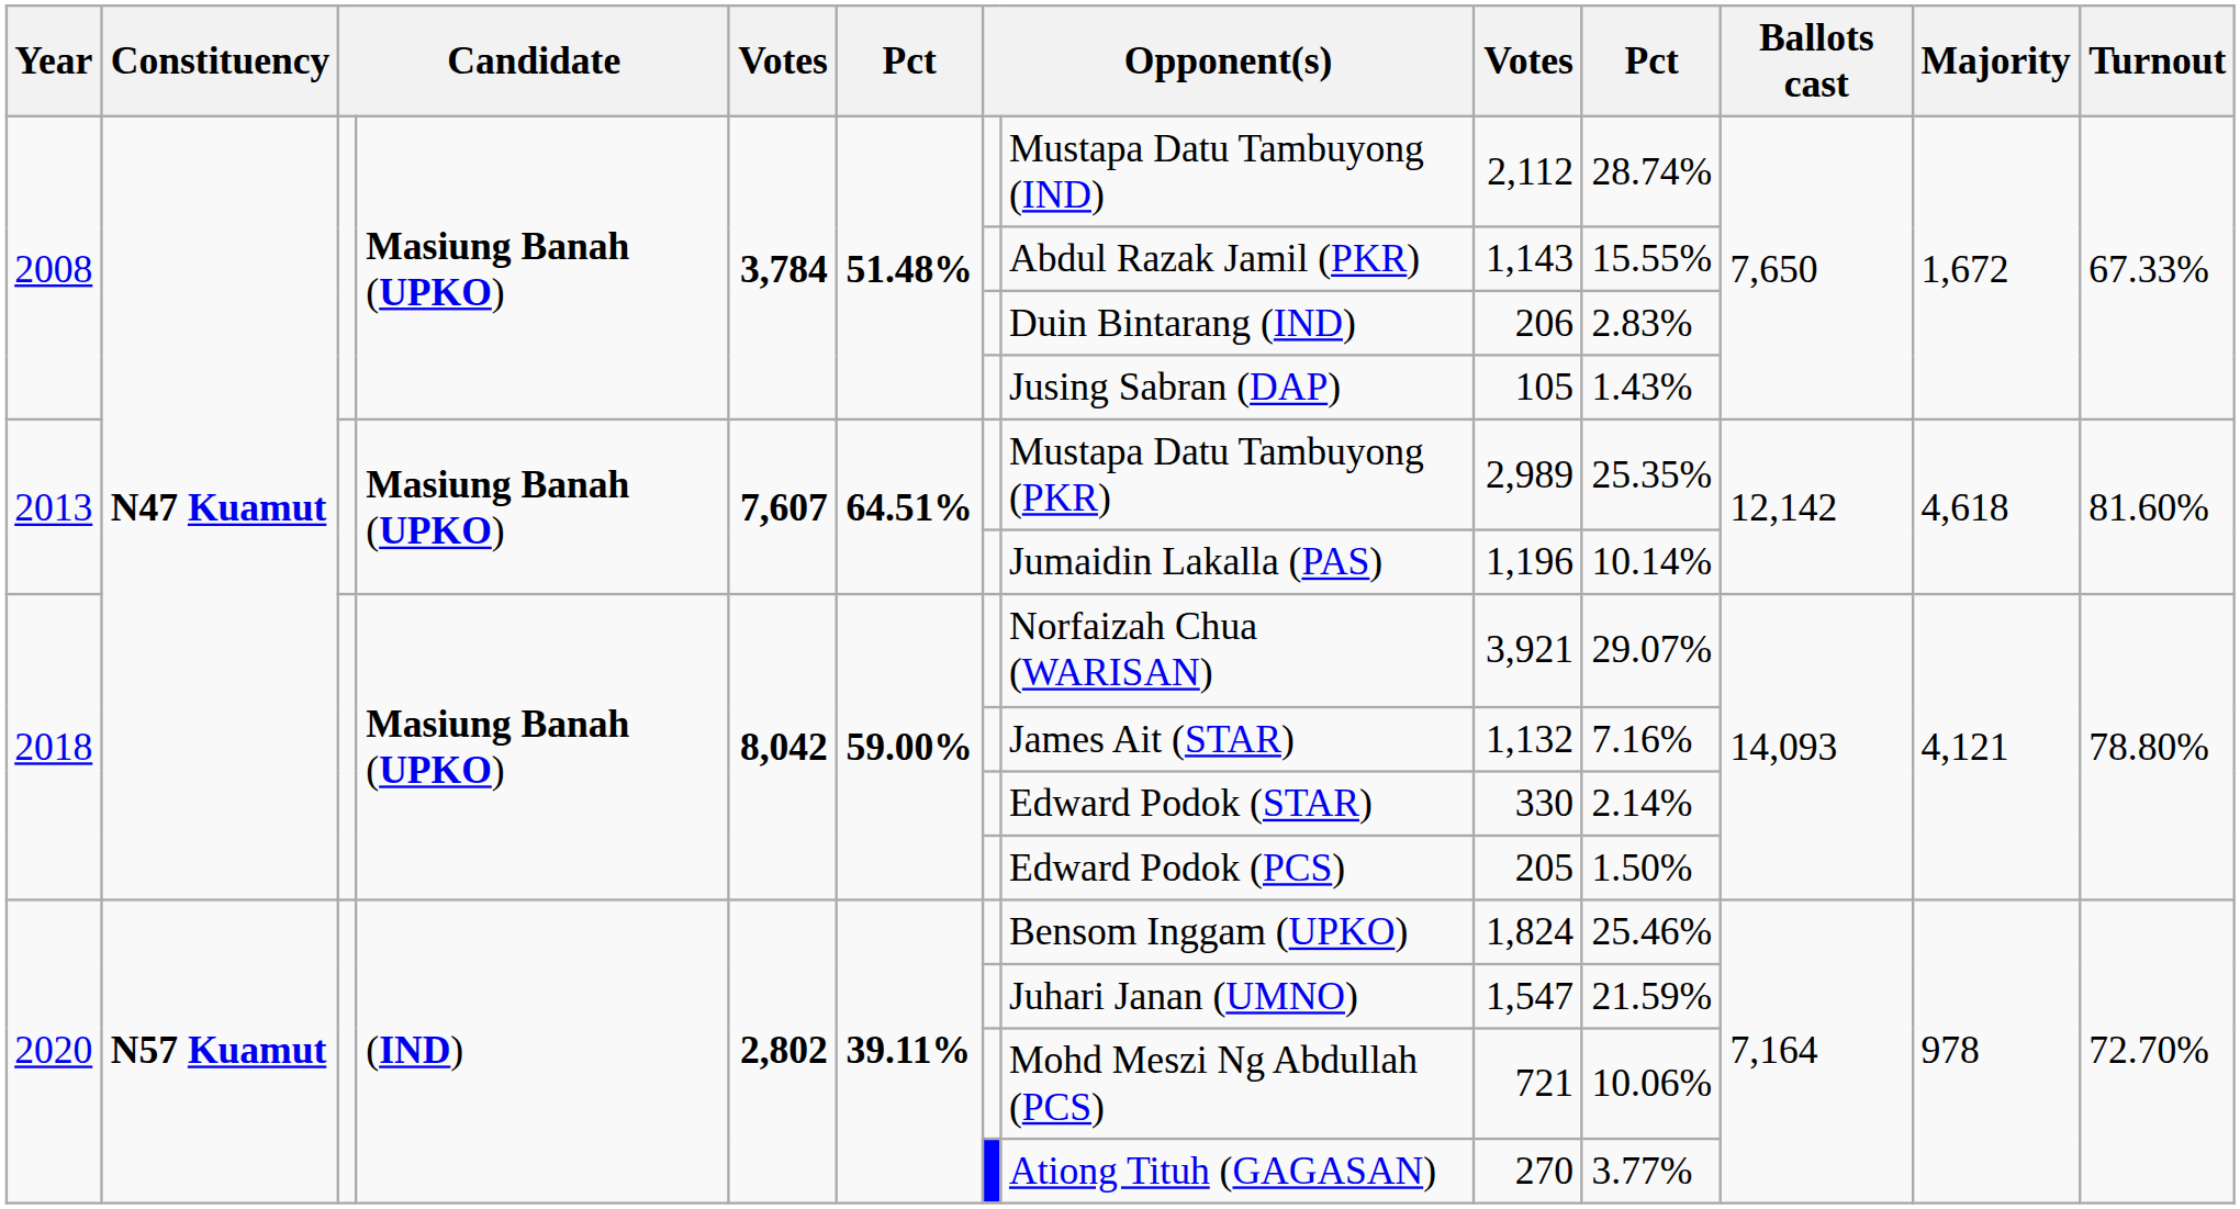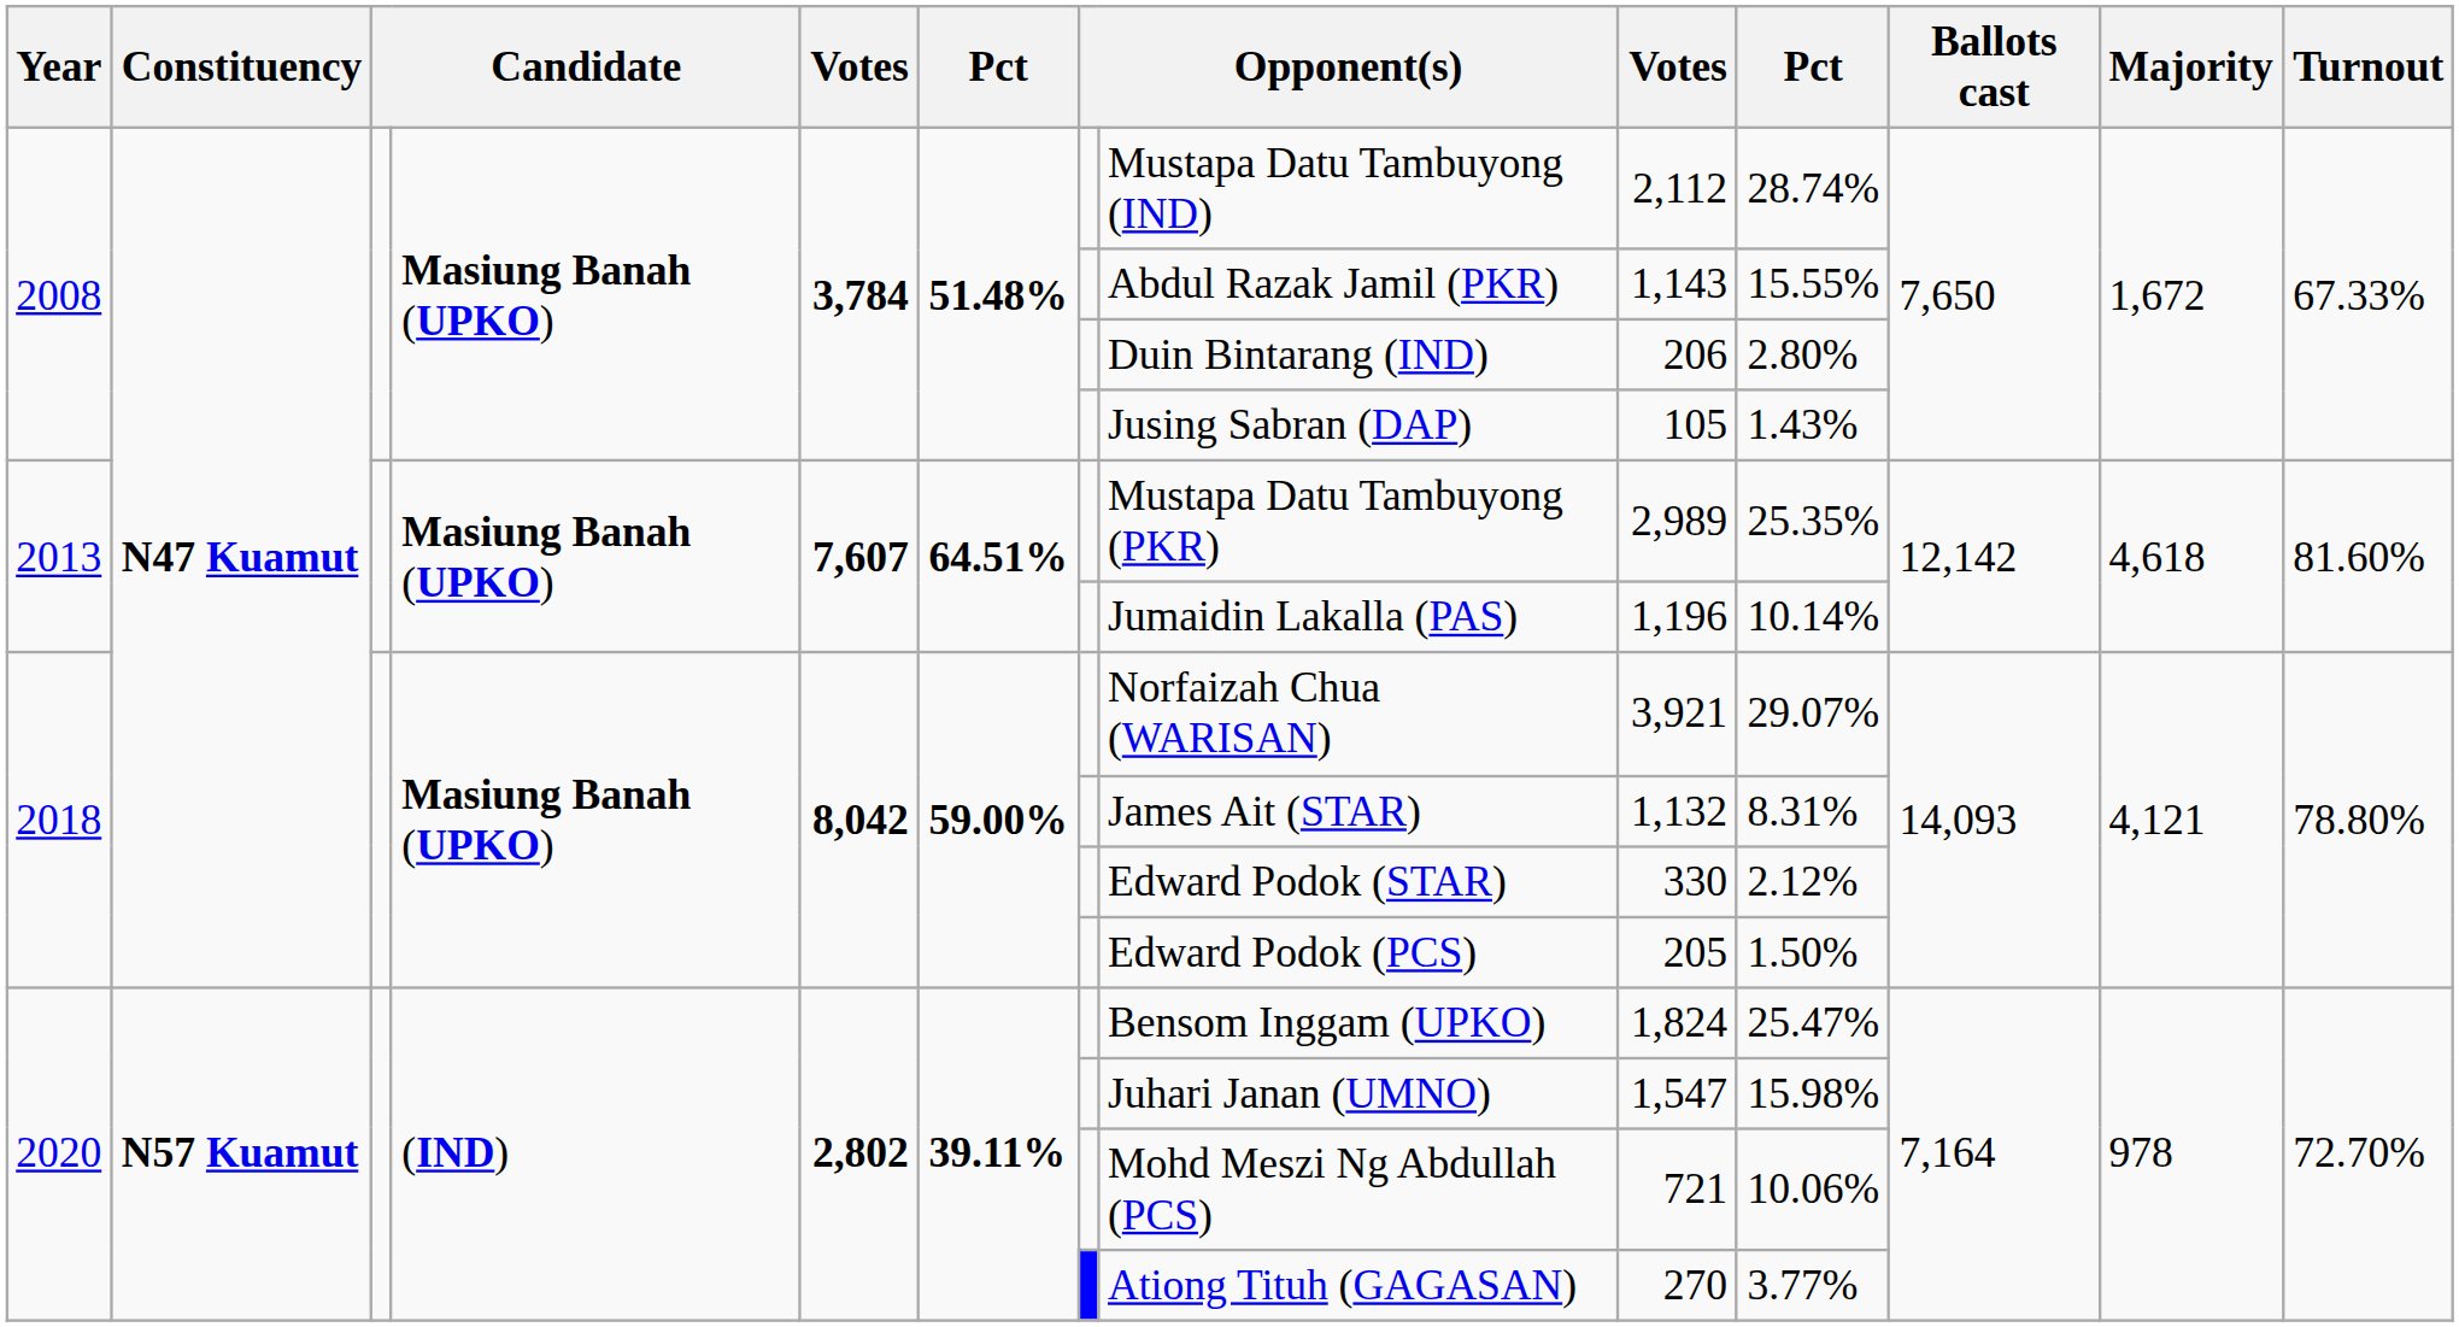 <table class="wikitable" style="margin:0.5em ; font-size:95%">
 <tr>
 <th>Year</th>
 <th>Constituency</th>
 <th colspan=2>Candidate</th>
 <th>Votes</th>
 <th>Pct</th>
 <th colspan=2>Opponent(s)</th>
 <th>Votes</th>
 <th>Pct</th>
 <th>Ballots cast</th>
 <th>Majority</th>
 <th>Turnout</th>
 </tr>
 <tr>
 <td rowspan=4><a href='#'>2008</a></td>
 <td rowspan=10><strong>N47 <a href='#'>Kuamut</a></strong></td>
 <td rowspan=4 ></td>
 <td rowspan=4><strong>Masiung Banah</strong> (<a href='#'><strong>UPKO</strong></a>)</td>
 <td rowspan=4 align="right"><strong>3,784</strong></td>
 <td rowspan=4><strong>51.48%</strong></td>
 <td></td>
 <td>Mustapa Datu Tambuyong (<a href='#'>IND</a>)</td>
 <td align="right">2,112</td>
 <td>28.74%</td>
 <td rowspan=4>7,650</td>
 <td rowspan=4>1,672</td>
 <td rowspan=4>67.33%</td>
 </tr>
 <tr>
 <td></td>
 <td>Abdul Razak Jamil (<a href='#'>PKR</a>)</td>
 <td align="right">1,143</td>
 <td>15.55%</td>
 </tr>
 <tr>
 <td></td>
 <td>Duin Bintarang (<a href='#'>IND</a>)</td>
 <td align="right">206</td>
-<td>2.83%</td>
+<td>2.80%</td>
 </tr>
 <tr>
 <td></td>
 <td>Jusing Sabran (<a href='#'>DAP</a>)</td>
 <td align="right">105</td>
 <td>1.43%</td>
 </tr>
 <tr>
 <td rowspan=2><a href='#'>2013</a></td>
 <td rowspan=2 ></td>
 <td rowspan=2><strong>Masiung Banah</strong> (<a href='#'><strong>UPKO</strong></a>)</td>
 <td rowspan=2 align="right"><strong>7,607</strong></td>
 <td rowspan=2><strong>64.51%</strong></td>
 <td></td>
 <td>Mustapa Datu Tambuyong (<a href='#'>PKR</a>)</td>
 <td align="right">2,989</td>
 <td>25.35%</td>
 <td rowspan=2>12,142</td>
 <td rowspan=2>4,618</td>
 <td rowspan=2>81.60%</td>
 </tr>
 <tr>
 <td></td>
 <td>Jumaidin Lakalla (<a href='#'>PAS</a>)</td>
 <td align="right">1,196</td>
 <td>10.14%</td>
 </tr>
 <tr>
 <td rowspan=4><a href='#'>2018</a></td>
 <td rowspan=4 ></td>
 <td rowspan=4><strong>Masiung Banah</strong> (<a href='#'><strong>UPKO</strong></a>)</td>
 <td rowspan=4 align="right"><strong>8,042</strong></td>
 <td rowspan=4><strong>59.00%</strong></td>
 <td></td>
 <td>Norfaizah Chua (<a href='#'>WARISAN</a>)</td>
 <td align="right">3,921</td>
 <td>29.07%</td>
 <td rowspan=4>14,093</td>
 <td rowspan=4>4,121</td>
 <td rowspan=4>78.80%</td>
 </tr>
 <tr>
 <td></td>
 <td>James Ait (<a href='#'>STAR</a>)</td>
 <td align="right">1,132</td>
-<td>7.16%</td>
+<td>8.31%</td>
 </tr>
 <tr>
 <td></td>
 <td>Edward Podok (<a href='#'>STAR</a>)</td>
 <td align="right">330</td>
-<td>2.14%</td>
+<td>2.12%</td>
 </tr>
 <tr>
 <td></td>
 <td>Edward Podok (<a href='#'>PCS</a>)</td>
 <td align="right">205</td>
 <td>1.50%</td>
 </tr>
 <tr>
 <td rowspan=4><a href='#'>2020</a></td>
 <td rowspan=4><strong>N57 <a href='#'>Kuamut</a></strong></td>
 <td rowspan=4 ></td>
 <td rowspan=4> (<a href='#'><strong>IND</strong></a>)</td>
 <td rowspan=4 align="right"><strong>2,802</strong></td>
 <td rowspan=4><strong>39.11%</strong></td>
 <td></td>
 <td>Bensom Inggam (<a href='#'>UPKO</a>)</td>
 <td align="right">1,824</td>
-<td>25.46%</td>
+<td>25.47%</td>
 <td rowspan=4>7,164</td>
 <td rowspan=4>978</td>
 <td rowspan=4>72.70%</td>
 </tr>
 <tr>
 <td></td>
 <td>Juhari Janan (<a href='#'>UMNO</a>)</td>
 <td align="right">1,547</td>
-<td>21.59%</td>
+<td>15.98%</td>
 </tr>
 <tr>
 <td></td>
 <td>Mohd Meszi Ng Abdullah (<a href='#'>PCS</a>)</td>
 <td align="right">721</td>
 <td>10.06%</td>
 </tr>
 <tr>
 <td bgcolor=blue></td>
 <td><a href='#'>Ationg Tituh</a> (<a href='#'>GAGASAN</a>)</td>
 <td align="right">270</td>
 <td>3.77%</td>
 </tr>
 </table>
